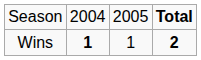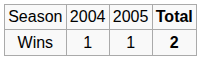 <table class="wikitable sortable">
 <tr>
 <td>Season</td>
 <td>2004</td>
 <td>2005</td>
 <td><strong>Total</strong></td>
 </tr>
 <tr align=center>
 <td>Wins</td>
-<td><strong>1</strong></td>
+<td>1</td>
 <td>1</td>
 <td><strong>2</strong></td>
 </tr>
 </table>
